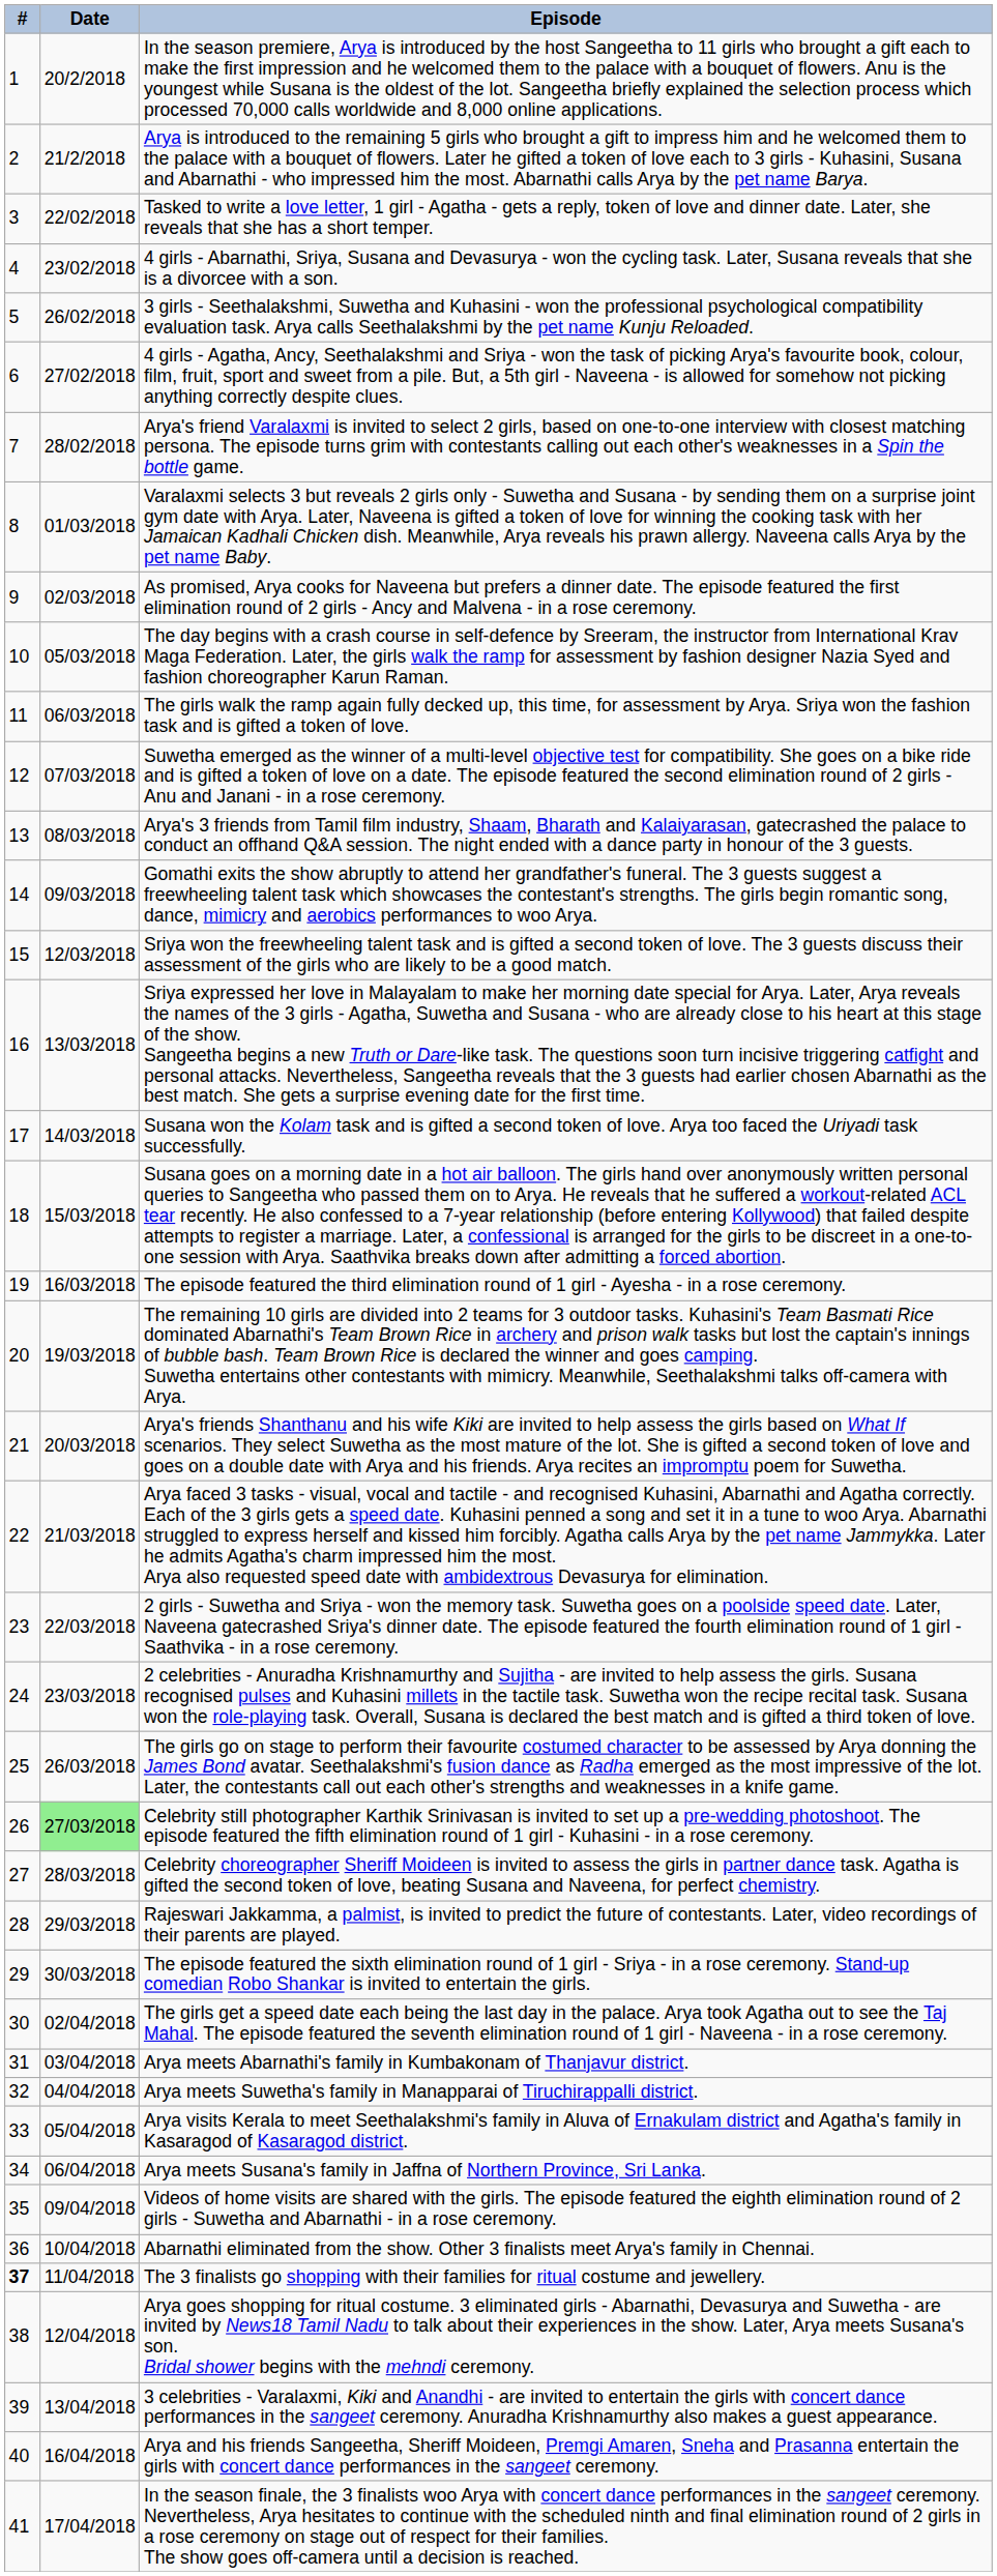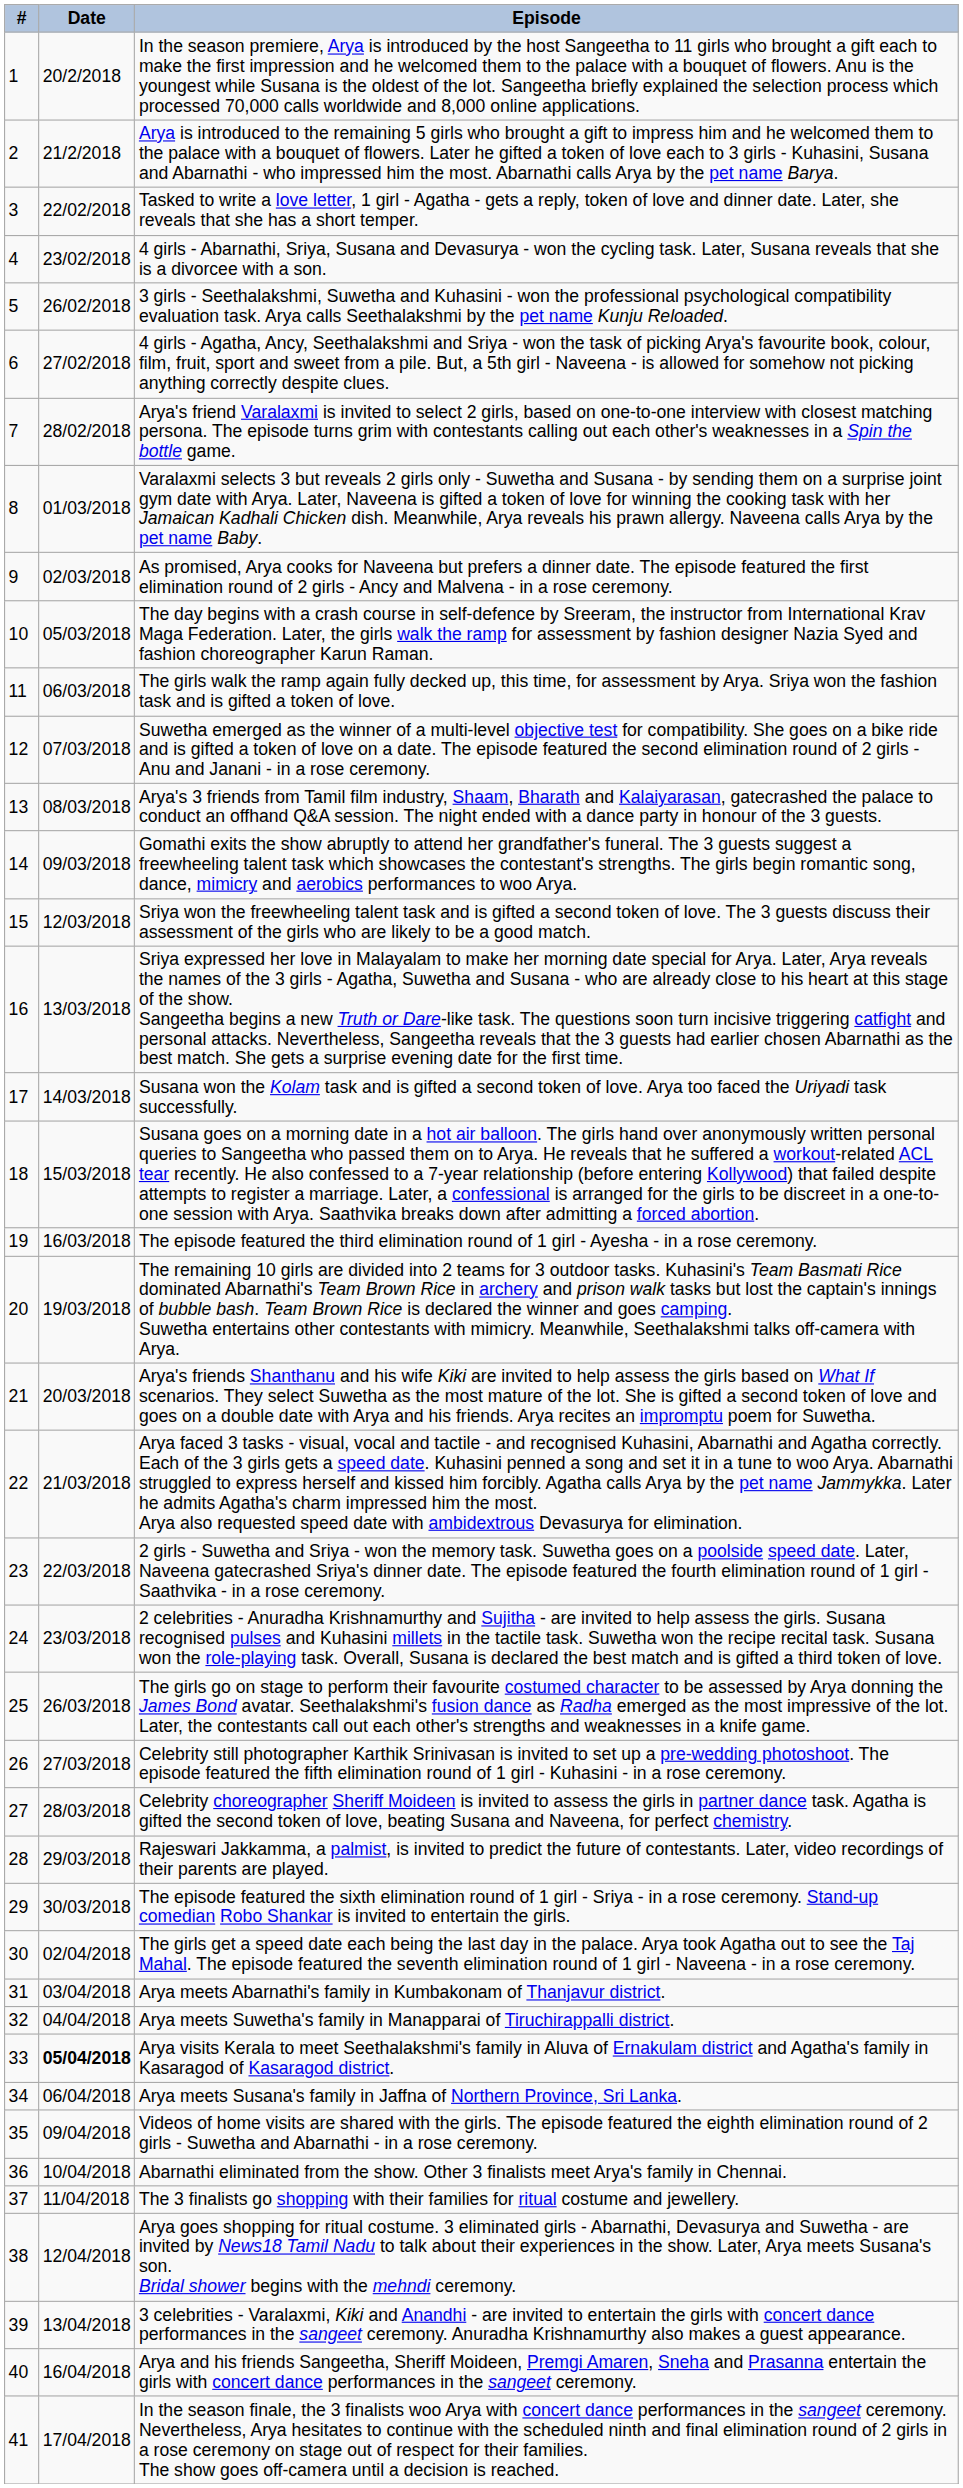 <table class="wikitable">
 <tr>
 <th style="width:20pt; background:LightSteelBlue;">#</th>
 <th style="width:20pt; background:LightSteelBlue;">Date</th>
 <th style="width:800pt; background:LightSteelBlue; ">Episode</th>
 </tr>
 <tr>
 <td>1</td>
 <td>20/2/2018</td>
 <td>In the season premiere, <a href='#'>Arya</a> is introduced by the host Sangeetha to 11 girls who brought a gift each to make the first impression and he welcomed them to the palace with a bouquet of flowers. Anu is the youngest while Susana is the oldest of the lot. Sangeetha briefly explained the selection process which processed 70,000 calls worldwide and 8,000 online applications.</td>
 </tr>
 <tr>
 <td>2</td>
 <td>21/2/2018</td>
 <td><a href='#'>Arya</a> is introduced to the remaining 5 girls who brought a gift to impress him and he welcomed them to the palace with a bouquet of flowers. Later he gifted a token of love each to 3 girls - Kuhasini, Susana and Abarnathi - who impressed him the most. Abarnathi calls Arya by the <a href='#'>pet name</a> <em>Barya</em>.</td>
 </tr>
 <tr>
 <td>3</td>
 <td>22/02/2018</td>
 <td>Tasked to write a <a href='#'>love letter</a>, 1 girl - Agatha - gets a reply, token of love and dinner date. Later, she reveals that she has a short temper.</td>
 </tr>
 <tr>
 <td>4</td>
 <td>23/02/2018</td>
 <td>4 girls - Abarnathi, Sriya, Susana and Devasurya - won the cycling task. Later, Susana reveals that she is a divorcee with a son.</td>
 </tr>
 <tr>
 <td>5</td>
 <td>26/02/2018</td>
 <td>3 girls - Seethalakshmi, Suwetha and Kuhasini - won the professional psychological compatibility evaluation task. Arya calls Seethalakshmi by the <a href='#'>pet name</a> <em>Kunju Reloaded</em>.</td>
 </tr>
 <tr>
 <td>6</td>
 <td>27/02/2018</td>
 <td>4 girls - Agatha, Ancy, Seethalakshmi and Sriya - won the task of picking Arya's favourite book, colour, film, fruit, sport and sweet from a pile. But, a 5th girl - Naveena - is allowed for somehow not picking anything correctly despite clues.</td>
 </tr>
 <tr>
 <td>7</td>
 <td>28/02/2018</td>
 <td>Arya's friend <a href='#'>Varalaxmi</a> is invited to select 2 girls, based on one-to-one interview with closest matching persona. The episode turns grim with contestants calling out each other's weaknesses in a <em><a href='#'>Spin the bottle</a></em> game.</td>
 </tr>
 <tr>
 <td>8</td>
 <td>01/03/2018</td>
 <td>Varalaxmi selects 3 but reveals 2 girls only - Suwetha and Susana - by sending them on a surprise joint gym date with Arya. Later, Naveena is gifted a token of love for winning the cooking task with her <em>Jamaican Kadhali Chicken</em> dish. Meanwhile, Arya reveals his prawn allergy. Naveena calls Arya by the <a href='#'>pet name</a> <em>Baby</em>.</td>
 </tr>
 <tr>
 <td>9</td>
 <td>02/03/2018</td>
 <td>As promised, Arya cooks for Naveena but prefers a dinner date. The episode featured the first elimination round of 2 girls - Ancy and Malvena - in a rose ceremony.</td>
 </tr>
 <tr>
 <td>10</td>
 <td>05/03/2018</td>
 <td>The day begins with a crash course in self-defence by Sreeram, the instructor from International Krav Maga Federation. Later, the girls <a href='#'>walk the ramp</a> for assessment by fashion designer Nazia Syed and fashion choreographer Karun Raman.</td>
 </tr>
 <tr>
 <td>11</td>
 <td>06/03/2018</td>
 <td>The girls walk the ramp again fully decked up, this time, for assessment by Arya. Sriya won the fashion task and is gifted a token of love.</td>
 </tr>
 <tr>
 <td>12</td>
 <td>07/03/2018</td>
 <td>Suwetha emerged as the winner of a multi-level <a href='#'>objective test</a> for compatibility. She goes on a bike ride and is gifted a token of love on a date. The episode featured the second elimination round of 2 girls - Anu and Janani - in a rose ceremony.</td>
 </tr>
 <tr>
 <td>13</td>
 <td>08/03/2018</td>
 <td>Arya's 3 friends from Tamil film industry, <a href='#'>Shaam</a>, <a href='#'>Bharath</a> and <a href='#'>Kalaiyarasan</a>, gatecrashed the palace to conduct an offhand Q&A session. The night ended with a dance party in honour of the 3 guests.</td>
 </tr>
 <tr>
 <td>14</td>
 <td>09/03/2018</td>
 <td>Gomathi exits the show abruptly to attend her grandfather's funeral. The 3 guests suggest a freewheeling talent task which showcases the contestant's strengths. The girls begin romantic song, dance, <a href='#'>mimicry</a> and <a href='#'>aerobics</a> performances to woo Arya.</td>
 </tr>
 <tr>
 <td>15</td>
 <td>12/03/2018</td>
 <td>Sriya won the freewheeling talent task and is gifted a second token of love. The 3 guests discuss their assessment of the girls who are likely to be a good match.</td>
 </tr>
 <tr>
 <td>16</td>
 <td>13/03/2018</td>
 <td>Sriya expressed her love in Malayalam to make her morning date special for Arya. Later, Arya reveals the names of the 3 girls - Agatha, Suwetha and Susana - who are already close to his heart at this stage of the show.<br>Sangeetha begins a new <em><a href='#'>Truth or Dare</a></em>-like task. The questions soon turn incisive triggering <a href='#'>catfight</a> and personal attacks. Nevertheless, Sangeetha reveals that the 3 guests had earlier chosen Abarnathi as the best match. She gets a surprise evening date for the first time.</td>
 </tr>
 <tr>
 <td>17</td>
 <td>14/03/2018</td>
 <td>Susana won the <em><a href='#'>Kolam</a></em> task and is gifted a second token of love. Arya too faced the <em>Uriyadi</em> task successfully.</td>
 </tr>
 <tr>
 <td>18</td>
 <td>15/03/2018</td>
 <td>Susana goes on a morning date in a <a href='#'>hot air balloon</a>. The girls hand over anonymously written personal queries to Sangeetha who passed them on to Arya. He reveals that he suffered a <a href='#'>workout</a>-related <a href='#'>ACL tear</a> recently. He also confessed to a 7-year relationship (before entering <a href='#'>Kollywood</a>) that failed despite attempts to register a marriage. Later, a <a href='#'>confessional</a> is arranged for the girls to be discreet in a one-to-one session with Arya. Saathvika breaks down after admitting a <a href='#'>forced abortion</a>.</td>
 </tr>
 <tr>
 <td>19</td>
 <td>16/03/2018</td>
 <td>The episode featured the third elimination round of 1 girl - Ayesha - in a rose ceremony.</td>
 </tr>
 <tr>
 <td>20</td>
 <td>19/03/2018</td>
 <td>The remaining 10 girls are divided into 2 teams for 3 outdoor tasks. Kuhasini's <em>Team Basmati Rice</em> dominated Abarnathi's <em>Team Brown Rice</em> in <a href='#'>archery</a> and <em>prison walk</em> tasks but lost the captain's innings of <em>bubble bash</em>. <em>Team Brown Rice</em> is declared the winner and goes <a href='#'>camping</a>.<br>Suwetha entertains other contestants with mimicry. Meanwhile, Seethalakshmi talks off-camera with Arya.</td>
 </tr>
 <tr>
 <td>21</td>
 <td>20/03/2018</td>
 <td>Arya's friends <a href='#'>Shanthanu</a> and his wife <em>Kiki</em> are invited to help assess the girls based on <em><a href='#'>What If</a></em> scenarios. They select Suwetha as the most mature of the lot. She is gifted a second token of love and goes on a double date with Arya and his friends. Arya recites an <a href='#'>impromptu</a> poem for Suwetha.</td>
 </tr>
 <tr>
 <td>22</td>
 <td>21/03/2018</td>
 <td>Arya faced 3 tasks - visual, vocal and tactile - and recognised Kuhasini, Abarnathi and Agatha correctly. Each of the 3 girls gets a <a href='#'>speed date</a>. Kuhasini penned a song and set it in a tune to woo Arya. Abarnathi struggled to express herself and kissed him forcibly. Agatha calls Arya by the <a href='#'>pet name</a> <em>Jammykka</em>. Later he admits Agatha's charm impressed him the most.<br>Arya also requested speed date with <a href='#'>ambidextrous</a> Devasurya for elimination.</td>
 </tr>
 <tr>
 <td>23</td>
 <td>22/03/2018</td>
 <td>2 girls - Suwetha and Sriya - won the memory task. Suwetha goes on a <a href='#'>poolside</a> <a href='#'>speed date</a>. Later, Naveena gatecrashed Sriya's dinner date. The episode featured the fourth elimination round of 1 girl - Saathvika - in a rose ceremony.</td>
 </tr>
 <tr>
 <td>24</td>
 <td>23/03/2018</td>
 <td>2 celebrities - Anuradha Krishnamurthy and <a href='#'>Sujitha</a> - are invited to help assess the girls. Susana recognised <a href='#'>pulses</a> and Kuhasini <a href='#'>millets</a> in the tactile task. Suwetha won the recipe recital task. Susana won the <a href='#'>role-playing</a> task. Overall, Susana is declared the best match and is gifted a third token of love.</td>
 </tr>
 <tr>
 <td>25</td>
 <td>26/03/2018</td>
 <td>The girls go on stage to perform their favourite <a href='#'>costumed character</a> to be assessed by Arya donning the <em><a href='#'>James Bond</a></em> avatar. Seethalakshmi's <a href='#'>fusion dance</a> as <em><a href='#'>Radha</a></em> emerged as the most impressive of the lot.<br>Later, the contestants call out each other's strengths and weaknesses in a knife game.</td>
 </tr>
 <tr>
 <td>26</td>
-<td style="background: lightgreen;">27/03/2018</td>
+<td>27/03/2018</td>
 <td>Celebrity still photographer Karthik Srinivasan is invited to set up a <a href='#'>pre-wedding photoshoot</a>. The episode featured the fifth elimination round of 1 girl - Kuhasini - in a rose ceremony.</td>
 </tr>
 <tr>
 <td>27</td>
 <td>28/03/2018</td>
 <td>Celebrity <a href='#'>choreographer</a> <a href='#'>Sheriff Moideen</a> is invited to assess the girls in <a href='#'>partner dance</a> task. Agatha is gifted the second token of love, beating Susana and Naveena, for perfect <a href='#'>chemistry</a>.</td>
 </tr>
 <tr>
 <td>28</td>
 <td>29/03/2018</td>
 <td>Rajeswari Jakkamma, a <a href='#'>palmist</a>, is invited to predict the future of contestants. Later, video recordings of their parents are played.</td>
 </tr>
 <tr>
 <td>29</td>
 <td>30/03/2018</td>
 <td>The episode featured the sixth elimination round of 1 girl - Sriya - in a rose ceremony. <a href='#'>Stand-up comedian</a> <a href='#'>Robo Shankar</a> is invited to entertain the girls.</td>
 </tr>
 <tr>
 <td>30</td>
 <td>02/04/2018</td>
 <td>The girls get a speed date each being the last day in the palace. Arya took Agatha out to see the <a href='#'>Taj Mahal</a>. The episode featured the seventh elimination round of 1 girl - Naveena - in a rose ceremony.</td>
 </tr>
 <tr>
 <td>31</td>
 <td>03/04/2018</td>
 <td>Arya meets Abarnathi's family in Kumbakonam of <a href='#'>Thanjavur district</a>.</td>
 </tr>
 <tr>
 <td>32</td>
 <td>04/04/2018</td>
 <td>Arya meets Suwetha's family in Manapparai of <a href='#'>Tiruchirappalli district</a>.</td>
 </tr>
 <tr>
 <td>33</td>
-<td>05/04/2018</td>
+<td><strong>05/04/2018</strong></td>
 <td>Arya visits Kerala to meet Seethalakshmi's family in Aluva of <a href='#'>Ernakulam district</a> and Agatha's family in Kasaragod of <a href='#'>Kasaragod district</a>.</td>
 </tr>
 <tr>
 <td>34</td>
 <td>06/04/2018</td>
 <td>Arya meets Susana's family in Jaffna of <a href='#'>Northern Province, Sri Lanka</a>.</td>
 </tr>
 <tr>
 <td>35</td>
 <td>09/04/2018</td>
 <td>Videos of home visits are shared with the girls. The episode featured the eighth elimination round of 2 girls - Suwetha and Abarnathi - in a rose ceremony.</td>
 </tr>
 <tr>
 <td>36</td>
 <td>10/04/2018</td>
 <td>Abarnathi eliminated from the show. Other 3 finalists meet Arya's family in Chennai.</td>
 </tr>
 <tr>
-<td><strong>37</strong></td>
+<td>37</td>
 <td>11/04/2018</td>
 <td>The 3 finalists go <a href='#'>shopping</a> with their families for <a href='#'>ritual</a> costume and jewellery.</td>
 </tr>
 <tr>
 <td>38</td>
 <td>12/04/2018</td>
 <td>Arya goes shopping for ritual costume. 3 eliminated girls - Abarnathi, Devasurya and Suwetha - are invited by <em><a href='#'>News18 Tamil Nadu</a></em> to talk about their experiences in the show. Later, Arya meets Susana's son.<br><em><a href='#'>Bridal shower</a></em> begins with the <em><a href='#'>mehndi</a></em> ceremony.</td>
 </tr>
 <tr>
 <td>39</td>
 <td>13/04/2018</td>
 <td>3 celebrities - Varalaxmi, <em>Kiki</em> and <a href='#'>Anandhi</a> - are invited to entertain the girls with <a href='#'>concert dance</a> performances in the <em><a href='#'>sangeet</a></em> ceremony. Anuradha Krishnamurthy also makes a guest appearance.</td>
 </tr>
 <tr>
 <td>40</td>
 <td>16/04/2018</td>
 <td>Arya and his friends Sangeetha, Sheriff Moideen, <a href='#'>Premgi Amaren</a>, <a href='#'>Sneha</a> and <a href='#'>Prasanna</a> entertain the girls with <a href='#'>concert dance</a> performances in the <em><a href='#'>sangeet</a></em> ceremony.</td>
 </tr>
 <tr>
 <td>41</td>
 <td>17/04/2018</td>
 <td>In the season finale, the 3 finalists woo Arya with <a href='#'>concert dance</a> performances in the <em><a href='#'>sangeet</a></em> ceremony. Nevertheless, Arya hesitates to continue with the scheduled ninth and final elimination round of 2 girls in a rose ceremony on stage out of respect for their families.<br>The show goes off-camera until a decision is reached.</td>
 </tr>
 </table>
